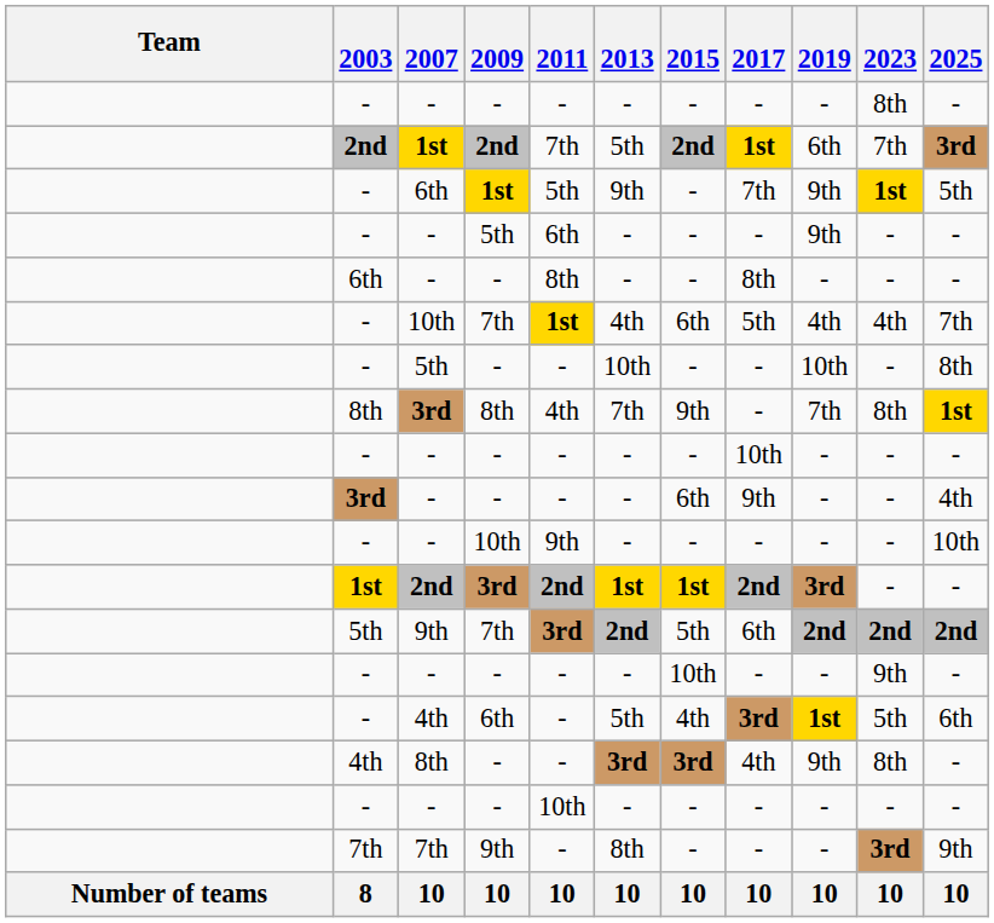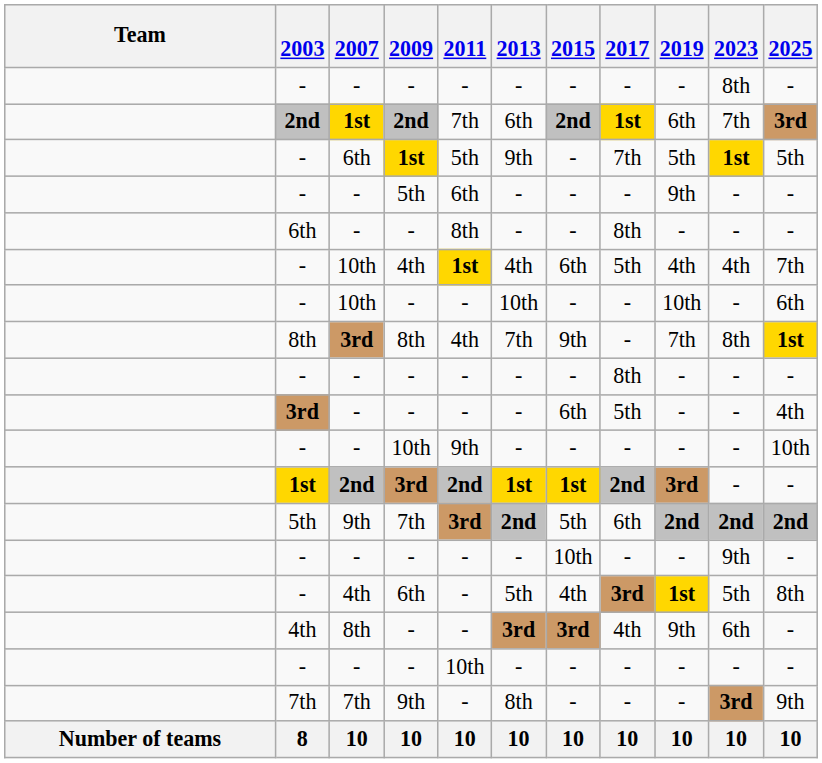 <table class="wikitable" style="text-align:center; font-size:90%">
 <tr>
 <th width=170>Team</th>
 <th width=25><br><a href='#'>2003</a></th>
 <th><br><a href='#'>2007</a></th>
 <th width=25><br><a href='#'>2009</a></th>
 <th width=25><br><a href='#'>2011</a></th>
 <th><br><a href='#'>2013</a></th>
 <th width=25><br><a href='#'>2015</a></th>
 <th width=25><br><a href='#'>2017</a></th>
 <th><br><a href='#'>2019</a></th>
 <th width=25><br><a href='#'>2023</a></th>
 <th width=25><br><a href='#'>2025</a></th>
 </tr>
 <tr>
 <td align=left></td>
 <td>-</td>
 <td>-</td>
 <td>-</td>
 <td>-</td>
 <td>-</td>
 <td>-</td>
 <td>-</td>
 <td>-</td>
 <td>8th</td>
 <td>-</td>
 </tr>
 <tr>
 <td align=left></td>
 <td bgcolor=silver><strong>2nd</strong></td>
 <td bgcolor=gold><strong>1st</strong></td>
 <td bgcolor=silver><strong>2nd</strong></td>
 <td>7th</td>
-<td>5th</td>
+<td>6th</td>
 <td bgcolor=silver><strong>2nd</strong></td>
 <td bgcolor=gold><strong>1st</strong></td>
 <td>6th</td>
 <td>7th</td>
 <td bgcolor=cc9966><strong>3rd</strong></td>
 </tr>
 <tr>
 <td align=left></td>
 <td>-</td>
 <td>6th</td>
 <td bgcolor=gold><strong>1st</strong></td>
 <td>5th</td>
 <td>9th</td>
 <td>-</td>
 <td>7th</td>
-<td>9th</td>
+<td>5th</td>
 <td bgcolor=gold><strong>1st</strong></td>
 <td>5th</td>
 </tr>
 <tr>
 <td align=left></td>
 <td>-</td>
 <td>-</td>
 <td>5th</td>
 <td>6th</td>
 <td>-</td>
 <td>-</td>
 <td>-</td>
 <td>9th</td>
 <td>-</td>
 <td>-</td>
 </tr>
 <tr>
 <td align=left></td>
 <td>6th</td>
 <td>-</td>
 <td>-</td>
 <td>8th</td>
 <td>-</td>
 <td>-</td>
 <td>8th</td>
 <td>-</td>
 <td>-</td>
 <td>-</td>
 </tr>
 <tr>
 <td align=left></td>
 <td>-</td>
 <td>10th</td>
-<td>7th</td>
+<td>4th</td>
 <td bgcolor=gold><strong>1st</strong></td>
 <td>4th</td>
 <td>6th</td>
 <td>5th</td>
 <td>4th</td>
 <td>4th</td>
 <td>7th</td>
 </tr>
 <tr>
 <td align=left></td>
 <td>-</td>
-<td>5th</td>
+<td>10th</td>
 <td>-</td>
 <td>-</td>
 <td>10th</td>
 <td>-</td>
 <td>-</td>
 <td>10th</td>
 <td>-</td>
-<td>8th</td>
+<td>6th</td>
 </tr>
 <tr>
 <td align=left></td>
 <td>8th</td>
 <td bgcolor=cc9966><strong>3rd</strong></td>
 <td>8th</td>
 <td>4th</td>
 <td>7th</td>
 <td>9th</td>
 <td>-</td>
 <td>7th</td>
 <td>8th</td>
 <td bgcolor=gold><strong>1st</strong></td>
 </tr>
 <tr>
 <td align=left></td>
 <td>-</td>
 <td>-</td>
 <td>-</td>
 <td>-</td>
 <td>-</td>
 <td>-</td>
-<td>10th</td>
+<td>8th</td>
 <td>-</td>
 <td>-</td>
 <td>-</td>
 </tr>
 <tr>
 <td align=left></td>
 <td bgcolor=cc9966><strong>3rd</strong></td>
 <td>-</td>
 <td>-</td>
 <td>-</td>
 <td>-</td>
 <td>6th</td>
-<td>9th</td>
+<td>5th</td>
 <td>-</td>
 <td>-</td>
 <td>4th</td>
 </tr>
 <tr>
 <td align=left></td>
 <td>-</td>
 <td>-</td>
 <td>10th</td>
 <td>9th</td>
 <td>-</td>
 <td>-</td>
 <td>-</td>
 <td>-</td>
 <td>-</td>
 <td>10th</td>
 </tr>
 <tr>
 <td align=left></td>
 <td bgcolor=gold><strong>1st</strong></td>
 <td bgcolor=silver><strong>2nd</strong></td>
 <td bgcolor=cc9966><strong>3rd</strong></td>
 <td bgcolor=silver><strong>2nd</strong></td>
 <td bgcolor=gold><strong>1st</strong></td>
 <td bgcolor=gold><strong>1st</strong></td>
 <td bgcolor=silver><strong>2nd</strong></td>
 <td bgcolor=cc9966><strong>3rd</strong></td>
 <td>-</td>
 <td>-</td>
 </tr>
 <tr>
 <td align=left></td>
 <td>5th</td>
 <td>9th</td>
 <td>7th</td>
 <td bgcolor=cc9966><strong>3rd</strong></td>
 <td bgcolor=silver><strong>2nd</strong></td>
 <td>5th</td>
 <td>6th</td>
 <td bgcolor=silver><strong>2nd</strong></td>
 <td bgcolor=silver><strong>2nd</strong></td>
 <td bgcolor=silver><strong>2nd</strong></td>
 </tr>
 <tr>
 <td align=left></td>
 <td>-</td>
 <td>-</td>
 <td>-</td>
 <td>-</td>
 <td>-</td>
 <td>10th</td>
 <td>-</td>
 <td>-</td>
 <td>9th</td>
 <td>-</td>
 </tr>
 <tr>
 <td align=left></td>
 <td>-</td>
 <td>4th</td>
 <td>6th</td>
 <td>-</td>
 <td>5th</td>
 <td>4th</td>
 <td bgcolor=cc9966><strong>3rd</strong></td>
 <td bgcolor=gold><strong>1st</strong></td>
 <td>5th</td>
-<td>6th</td>
+<td>8th</td>
 </tr>
 <tr>
 <td align=left></td>
 <td>4th</td>
 <td>8th</td>
 <td>-</td>
 <td>-</td>
 <td bgcolor=cc9966><strong>3rd</strong></td>
 <td bgcolor=cc9966><strong>3rd</strong></td>
 <td>4th</td>
 <td>9th</td>
-<td>8th</td>
+<td>6th</td>
 <td>-</td>
 </tr>
 <tr>
 <td align=left></td>
 <td>-</td>
 <td>-</td>
 <td>-</td>
 <td>10th</td>
 <td>-</td>
 <td ->-</td>
 <td>-</td>
 <td>-</td>
 <td>-</td>
 <td>-</td>
 </tr>
 <tr>
 <td align=left></td>
 <td>7th</td>
 <td>7th</td>
 <td>9th</td>
 <td>-</td>
 <td>8th</td>
 <td>-</td>
 <td>-</td>
 <td>-</td>
 <td bgcolor=cc9966><strong>3rd</strong></td>
 <td>9th</td>
 </tr>
 <tr>
 <th>Number of teams</th>
 <th>8</th>
 <th>10</th>
 <th>10</th>
 <th>10</th>
 <th>10</th>
 <th>10</th>
 <th>10</th>
 <th>10</th>
 <th>10</th>
 <th>10</th>
 </tr>
 </table>
